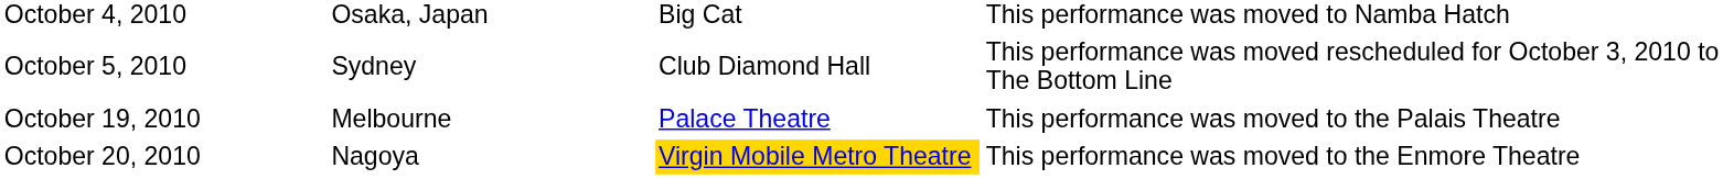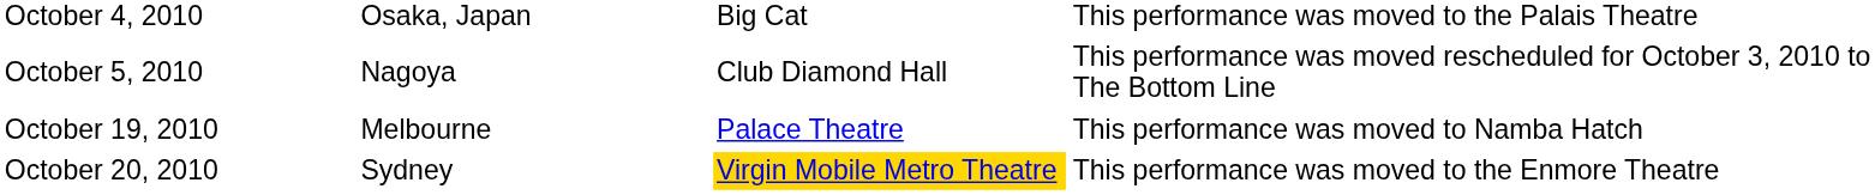 <table cellpadding="2" style="border: 0px solid darkgray;">
 <tr>
 <th width="200"></th>
 <th width="200"></th>
 <th width="200"></th>
 <th width="475"></th>
 </tr>
 <tr border="0">
 <td>October 4, 2010</td>
 <td>Osaka, Japan</td>
 <td>Big Cat</td>
-<td>This performance was moved to Namba Hatch</td>
+<td>This performance was moved to the Palais Theatre</td>
 </tr>
 <tr>
 <td>October 5, 2010</td>
-<td>Sydney</td>
+<td>Nagoya</td>
 <td>Club Diamond Hall</td>
 <td>This performance was moved rescheduled for October 3, 2010 to The Bottom Line</td>
 </tr>
 <tr>
 <td>October 19, 2010</td>
 <td>Melbourne</td>
 <td><a href='#'>Palace Theatre</a></td>
-<td>This performance was moved to the Palais Theatre</td>
+<td>This performance was moved to Namba Hatch</td>
 </tr>
 <tr>
 <td>October 20, 2010</td>
-<td>Nagoya</td>
+<td>Sydney</td>
 <td style="background: gold;"><a href='#'>Virgin Mobile Metro Theatre</a></td>
 <td>This performance was moved to the Enmore Theatre</td>
 </tr>
 </table>
